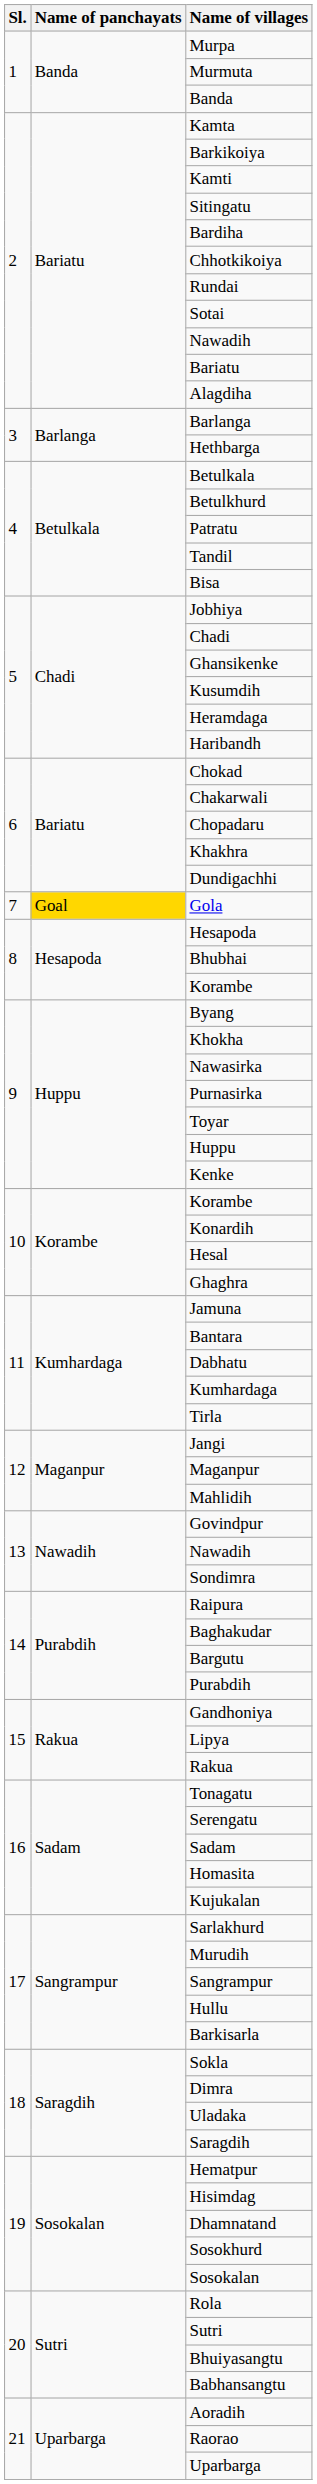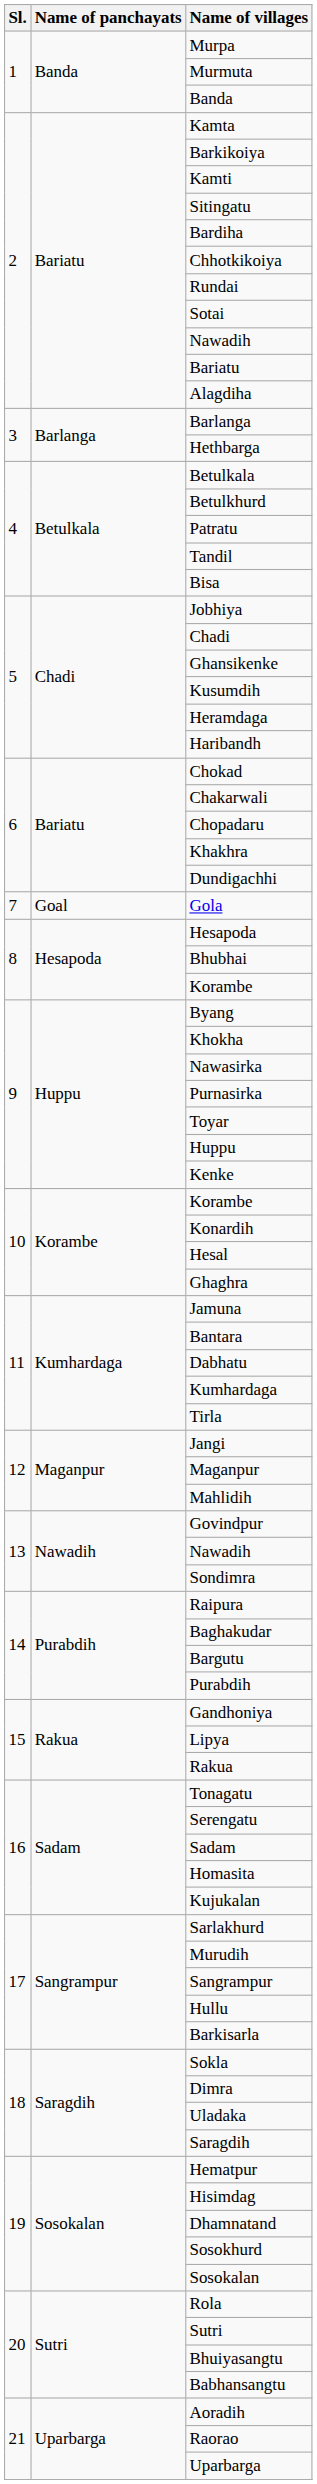 <table class="wikitable plainrowheaders sortable">
 <tr>
 <th scope="col">Sl.</th>
 <th scope="col">Name of panchayats</th>
 <th scope="col">Name of villages</th>
 </tr>
 <tr>
 <td rowspan="3">1</td>
 <td rowspan="3">Banda</td>
 <td>Murpa</td>
 </tr>
 <tr>
 <td>Murmuta</td>
 </tr>
 <tr>
 <td>Banda</td>
 </tr>
 <tr>
 <td rowspan="11">2</td>
 <td rowspan="11">Bariatu</td>
 <td>Kamta</td>
 </tr>
 <tr>
 <td>Barkikoiya</td>
 </tr>
 <tr>
 <td>Kamti</td>
 </tr>
 <tr>
 <td>Sitingatu</td>
 </tr>
 <tr>
 <td>Bardiha</td>
 </tr>
 <tr>
 <td>Chhotkikoiya</td>
 </tr>
 <tr>
 <td>Rundai</td>
 </tr>
 <tr>
 <td>Sotai</td>
 </tr>
 <tr>
 <td>Nawadih</td>
 </tr>
 <tr>
 <td>Bariatu</td>
 </tr>
 <tr>
 <td>Alagdiha</td>
 </tr>
 <tr>
 <td rowspan="2">3</td>
 <td rowspan="2">Barlanga</td>
 <td>Barlanga</td>
 </tr>
 <tr>
 <td>Hethbarga</td>
 </tr>
 <tr>
 <td rowspan="5">4</td>
 <td rowspan="5">Betulkala</td>
 <td>Betulkala</td>
 </tr>
 <tr>
 <td>Betulkhurd</td>
 </tr>
 <tr>
 <td>Patratu</td>
 </tr>
 <tr>
 <td>Tandil</td>
 </tr>
 <tr>
 <td>Bisa</td>
 </tr>
 <tr>
 <td rowspan="6">5</td>
 <td rowspan="6">Chadi</td>
 <td>Jobhiya</td>
 </tr>
 <tr>
 <td>Chadi</td>
 </tr>
 <tr>
 <td>Ghansikenke</td>
 </tr>
 <tr>
 <td>Kusumdih</td>
 </tr>
 <tr>
 <td>Heramdaga</td>
 </tr>
 <tr>
 <td>Haribandh  </td>
 </tr>
 <tr>
 <td rowspan="5">6</td>
 <td rowspan="5">Bariatu</td>
 <td>Chokad</td>
 </tr>
 <tr>
 <td>Chakarwali</td>
 </tr>
 <tr>
 <td>Chopadaru</td>
 </tr>
 <tr>
 <td>Khakhra</td>
 </tr>
 <tr>
 <td>Dundigachhi</td>
 </tr>
 <tr>
 <td>7</td>
-<td style="background: gold;">Goal</td>
+<td>Goal</td>
 <td><a href='#'>Gola</a></td>
 </tr>
 <tr>
 <td rowspan="3">8</td>
 <td rowspan="3">Hesapoda</td>
 <td>Hesapoda</td>
 </tr>
 <tr>
 <td>Bhubhai</td>
 </tr>
 <tr>
 <td>Korambe</td>
 </tr>
 <tr>
 <td rowspan="7">9</td>
 <td rowspan="7">Huppu</td>
 <td>Byang</td>
 </tr>
 <tr>
 <td>Khokha</td>
 </tr>
 <tr>
 <td>Nawasirka</td>
 </tr>
 <tr>
 <td>Purnasirka</td>
 </tr>
 <tr>
 <td>Toyar</td>
 </tr>
 <tr>
 <td>Huppu</td>
 </tr>
 <tr>
 <td>Kenke</td>
 </tr>
 <tr>
 <td rowspan="4">10</td>
 <td rowspan="4">Korambe</td>
 <td>Korambe</td>
 </tr>
 <tr>
 <td>Konardih</td>
 </tr>
 <tr>
 <td>Hesal</td>
 </tr>
 <tr>
 <td>Ghaghra</td>
 </tr>
 <tr>
 <td rowspan="5">11</td>
 <td rowspan="5">Kumhardaga</td>
 <td>Jamuna</td>
 </tr>
 <tr>
 <td>Bantara</td>
 </tr>
 <tr>
 <td>Dabhatu</td>
 </tr>
 <tr>
 <td>Kumhardaga</td>
 </tr>
 <tr>
 <td>Tirla</td>
 </tr>
 <tr>
 <td rowspan="3">12</td>
 <td rowspan="3">Maganpur</td>
 <td>Jangi</td>
 </tr>
 <tr>
 <td>Maganpur</td>
 </tr>
 <tr>
 <td>Mahlidih</td>
 </tr>
 <tr>
 <td rowspan="3">13</td>
 <td rowspan="3">Nawadih</td>
 <td>Govindpur</td>
 </tr>
 <tr>
 <td>Nawadih</td>
 </tr>
 <tr>
 <td>Sondimra</td>
 </tr>
 <tr>
 <td rowspan="4">14</td>
 <td rowspan="4">Purabdih</td>
 <td>Raipura</td>
 </tr>
 <tr>
 <td>Baghakudar</td>
 </tr>
 <tr>
 <td>Bargutu</td>
 </tr>
 <tr>
 <td>Purabdih</td>
 </tr>
 <tr>
 <td rowspan="3">15</td>
 <td rowspan="3">Rakua</td>
 <td>Gandhoniya</td>
 </tr>
 <tr>
 <td>Lipya</td>
 </tr>
 <tr>
 <td>Rakua</td>
 </tr>
 <tr>
 <td rowspan="5">16</td>
 <td rowspan="5">Sadam</td>
 <td>Tonagatu</td>
 </tr>
 <tr>
 <td>Serengatu</td>
 </tr>
 <tr>
 <td>Sadam</td>
 </tr>
 <tr>
 <td>Homasita</td>
 </tr>
 <tr>
 <td>Kujukalan</td>
 </tr>
 <tr>
 <td rowspan="5">17</td>
 <td rowspan="5">Sangrampur</td>
 <td>Sarlakhurd</td>
 </tr>
 <tr>
 <td>Murudih</td>
 </tr>
 <tr>
 <td>Sangrampur</td>
 </tr>
 <tr>
 <td>Hullu</td>
 </tr>
 <tr>
 <td>Barkisarla</td>
 </tr>
 <tr>
 <td rowspan="4">18</td>
 <td rowspan="4">Saragdih</td>
 <td>Sokla</td>
 </tr>
 <tr>
 <td>Dimra</td>
 </tr>
 <tr>
 <td>Uladaka</td>
 </tr>
 <tr>
 <td>Saragdih</td>
 </tr>
 <tr>
 <td rowspan="5">19</td>
 <td rowspan="5">Sosokalan</td>
 <td>Hematpur</td>
 </tr>
 <tr>
 <td>Hisimdag</td>
 </tr>
 <tr>
 <td>Dhamnatand</td>
 </tr>
 <tr>
 <td>Sosokhurd</td>
 </tr>
 <tr>
 <td>Sosokalan</td>
 </tr>
 <tr>
 <td rowspan="4">20</td>
 <td rowspan="4">Sutri</td>
 <td>Rola</td>
 </tr>
 <tr>
 <td>Sutri</td>
 </tr>
 <tr>
 <td>Bhuiyasangtu</td>
 </tr>
 <tr>
 <td>Babhansangtu</td>
 </tr>
 <tr>
 <td rowspan="3">21</td>
 <td rowspan="3">Uparbarga</td>
 <td>Aoradih</td>
 </tr>
 <tr>
 <td>Raorao</td>
 </tr>
 <tr>
 <td>Uparbarga</td>
 </tr>
 <tr>
 </tr>
 </table>
